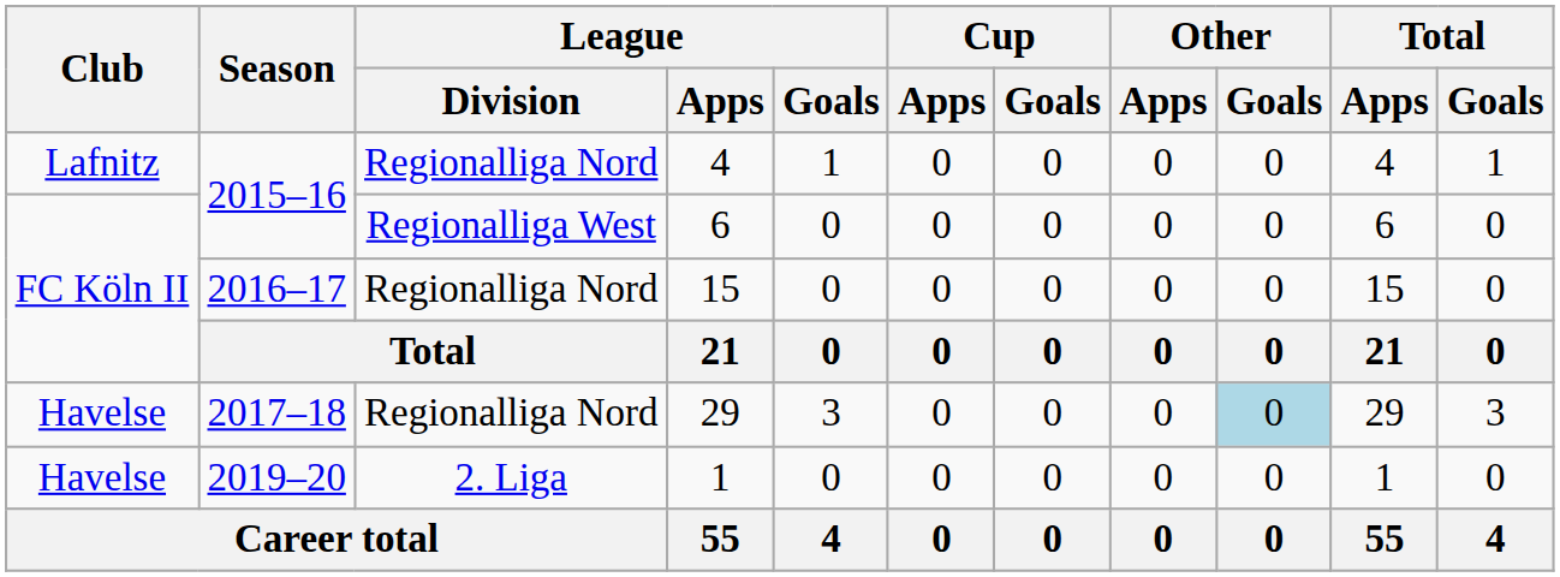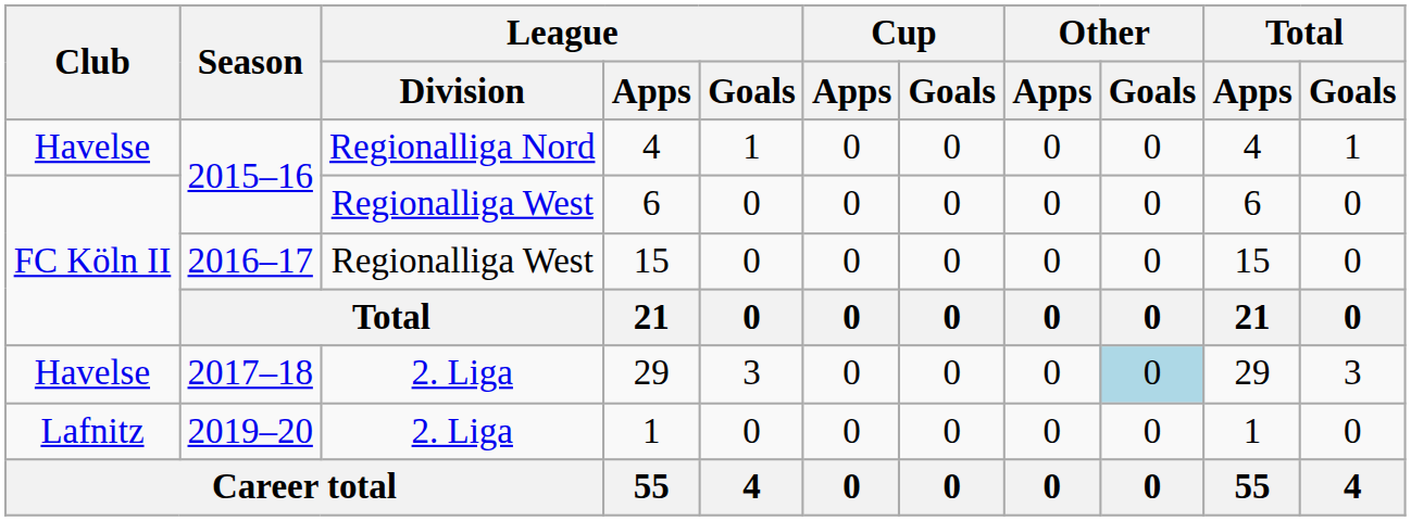 <table class="wikitable" style="text-align: center">
 <tr>
 <th rowspan="2">Club</th>
 <th rowspan="2">Season</th>
 <th colspan="3">League</th>
 <th colspan="2">Cup</th>
 <th colspan="2">Other</th>
 <th colspan="2">Total</th>
 </tr>
 <tr>
 <th>Division</th>
 <th>Apps</th>
 <th>Goals</th>
 <th>Apps</th>
 <th>Goals</th>
 <th>Apps</th>
 <th>Goals</th>
 <th>Apps</th>
 <th>Goals</th>
 </tr>
 <tr>
-<td><a href='#'>Lafnitz</a></td>
+<td><a href='#'>Havelse</a></td>
 <td rowspan="2"><a href='#'>2015–16</a></td>
 <td><a href='#'>Regionalliga Nord</a></td>
 <td>4</td>
 <td>1</td>
 <td>0</td>
 <td>0</td>
 <td>0</td>
 <td>0</td>
 <td>4</td>
 <td>1</td>
 </tr>
 <tr>
 <td rowspan="3"><a href='#'>FC Köln II</a></td>
 <td><a href='#'>Regionalliga West</a></td>
 <td>6</td>
 <td>0</td>
 <td>0</td>
 <td>0</td>
 <td>0</td>
 <td>0</td>
 <td>6</td>
 <td>0</td>
 </tr>
 <tr>
 <td><a href='#'>2016–17</a></td>
-<td>Regionalliga Nord</td>
+<td>Regionalliga West</td>
 <td>15</td>
 <td>0</td>
 <td>0</td>
 <td>0</td>
 <td>0</td>
 <td>0</td>
 <td>15</td>
 <td>0</td>
 </tr>
 <tr>
 <th colspan=2>Total</th>
 <th>21</th>
 <th>0</th>
 <th>0</th>
 <th>0</th>
 <th>0</th>
 <th>0</th>
 <th>21</th>
 <th>0</th>
 </tr>
 <tr>
 <td><a href='#'>Havelse</a></td>
 <td><a href='#'>2017–18</a></td>
-<td>Regionalliga Nord</td>
+<td><a href='#'>2. Liga</a></td>
 <td>29</td>
 <td>3</td>
 <td>0</td>
 <td>0</td>
 <td>0</td>
 <td style="background: lightblue;">0</td>
 <td>29</td>
 <td>3</td>
 </tr>
 <tr>
-<td><a href='#'>Havelse</a></td>
+<td><a href='#'>Lafnitz</a></td>
 <td><a href='#'>2019–20</a></td>
 <td><a href='#'>2. Liga</a></td>
 <td>1</td>
 <td>0</td>
 <td>0</td>
 <td>0</td>
 <td>0</td>
 <td>0</td>
 <td>1</td>
 <td>0</td>
 </tr>
 <tr>
 <th colspan=3>Career total</th>
 <th>55</th>
 <th>4</th>
 <th>0</th>
 <th>0</th>
 <th>0</th>
 <th>0</th>
 <th>55</th>
 <th>4</th>
 </tr>
 </table>
